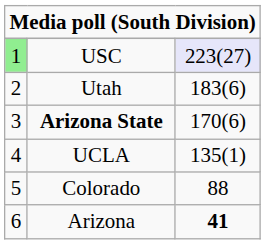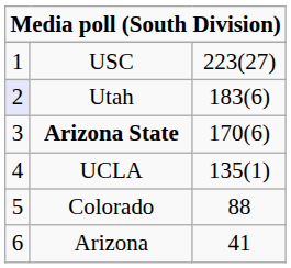 <table class="wikitable" style="display: inline-table;">
 <tr>
 <td align="center" Colspan="3"><strong>Media poll (South Division)</strong></td>
 </tr>
 <tr align="center">
 </tr>
 <tr align="center">
-<td style="background: lightgreen;">1</td>
+<td>1</td>
 <td>USC</td>
-<td style="background: lavender;">223(27)</td>
+<td>223(27)</td>
 </tr>
 <tr align="center">
-<td>2</td>
+<td style="background: lavender;">2</td>
 <td>Utah</td>
 <td>183(6)</td>
 </tr>
 <tr align="center">
 <td>3</td>
 <td><strong>Arizona State</strong></td>
 <td>170(6)</td>
 </tr>
 <tr align="center">
 <td>4</td>
 <td>UCLA</td>
 <td>135(1)</td>
 </tr>
 <tr align="center">
 <td>5</td>
 <td>Colorado</td>
 <td>88</td>
 </tr>
 <tr align="center">
 <td>6</td>
 <td>Arizona</td>
-<td><strong>41</strong></td>
+<td>41</td>
 </tr>
 </table>
